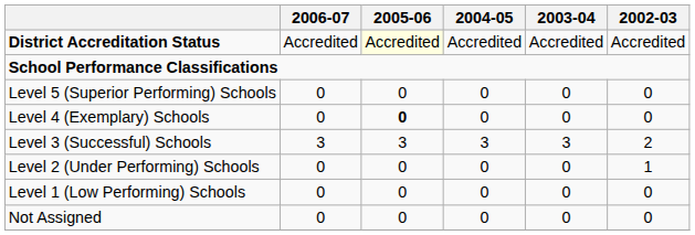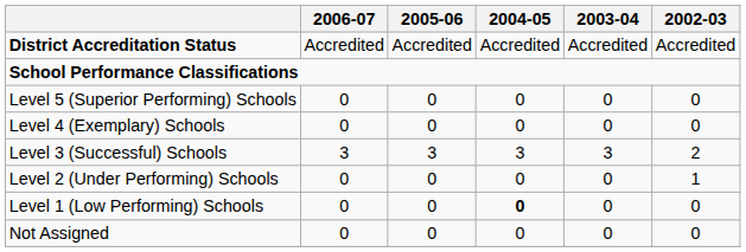 <table class="wikitable" style="font-size: 95%;">
 <tr>
 <th></th>
 <th>2006-07</th>
 <th>2005-06</th>
 <th>2004-05</th>
 <th>2003-04</th>
 <th>2002-03</th>
 </tr>
 <tr>
 <td align="left"><strong>District Accreditation Status</strong></td>
 <td align="center">Accredited</td>
-<td align="center" style="background: lightyellow;">Accredited</td>
+<td align="center">Accredited</td>
 <td align="center">Accredited</td>
 <td align="center">Accredited</td>
 <td align="center">Accredited</td>
 </tr>
 <tr>
 <td align="left" colspan="6"><strong>School Performance Classifications</strong></td>
 </tr>
 <tr>
 <td align="left">Level 5 (Superior Performing) Schools</td>
 <td align="center">0</td>
 <td align="center">0</td>
 <td align="center">0</td>
 <td align="center">0</td>
 <td align="center">0</td>
 </tr>
 <tr>
 <td align="left">Level 4 (Exemplary) Schools</td>
 <td align="center">0</td>
-<td align="center"><strong>0</strong></td>
+<td align="center">0</td>
 <td align="center">0</td>
 <td align="center">0</td>
 <td align="center">0</td>
 </tr>
 <tr>
 <td align="left">Level 3 (Successful) Schools</td>
 <td align="center">3</td>
 <td align="center">3</td>
 <td align="center">3</td>
 <td align="center">3</td>
 <td align="center">2</td>
 </tr>
 <tr>
 <td align="left">Level 2 (Under Performing) Schools</td>
 <td align="center">0</td>
 <td align="center">0</td>
 <td align="center">0</td>
 <td align="center">0</td>
 <td align="center">1</td>
 </tr>
 <tr>
 <td align="left">Level 1 (Low Performing) Schools</td>
 <td align="center">0</td>
 <td align="center">0</td>
-<td align="center">0</td>
+<td align="center"><strong>0</strong></td>
 <td align="center">0</td>
 <td align="center">0</td>
 </tr>
 <tr>
 <td align="left">Not Assigned</td>
 <td align="center">0</td>
 <td align="center">0</td>
 <td align="center">0</td>
 <td align="center">0</td>
 <td align="center">0</td>
 </tr>
 <tr>
 </tr>
 </table>
